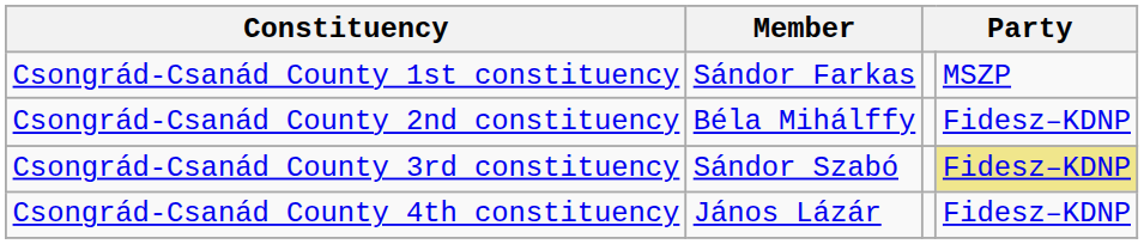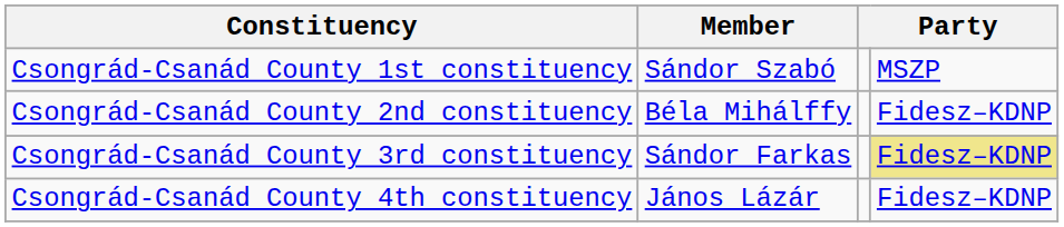 <table class="wikitable">
 <tr>
 <th>Constituency</th>
 <th>Member</th>
 <th colspan="2">Party</th>
 </tr>
 <tr>
 <td><a href='#'>Csongrád-Csanád County 1st constituency</a></td>
-<td><a href='#'>Sándor Farkas</a></td>
+<td><a href='#'>Sándor Szabó</a></td>
 <td style="background-color: "></td>
 <td><a href='#'>MSZP</a></td>
 </tr>
 <tr>
 <td><a href='#'>Csongrád-Csanád County 2nd constituency</a></td>
 <td><a href='#'>Béla Mihálffy</a></td>
 <td style="background-color: "></td>
 <td><a href='#'>Fidesz–KDNP</a></td>
 </tr>
 <tr>
 <td><a href='#'>Csongrád-Csanád County 3rd constituency</a></td>
-<td><a href='#'>Sándor Szabó</a></td>
+<td><a href='#'>Sándor Farkas</a></td>
 <td style="background-color: "></td>
 <td style="background: khaki;"><a href='#'>Fidesz–KDNP</a></td>
 </tr>
 <tr>
 <td><a href='#'>Csongrád-Csanád County 4th constituency</a></td>
 <td><a href='#'>János Lázár</a></td>
 <td style="background-color: "></td>
 <td><a href='#'>Fidesz–KDNP</a></td>
 </tr>
 </table>
